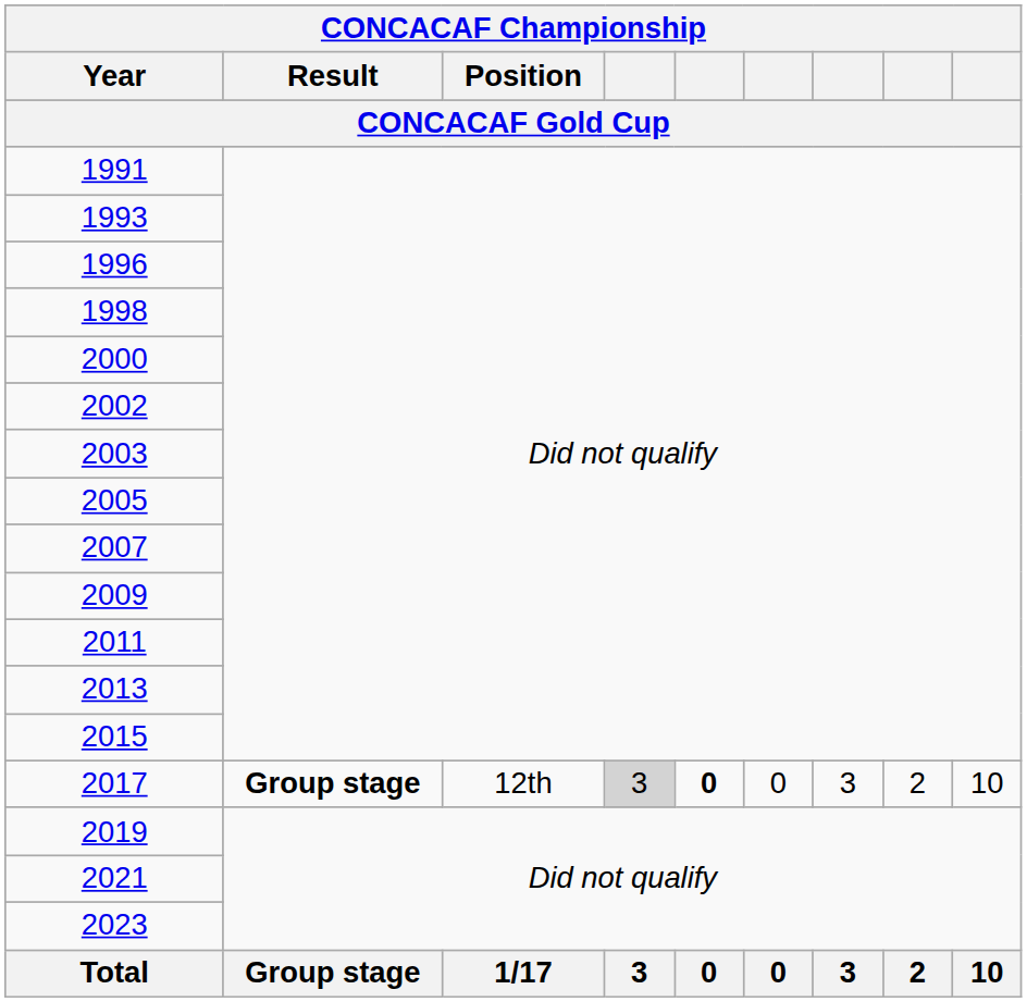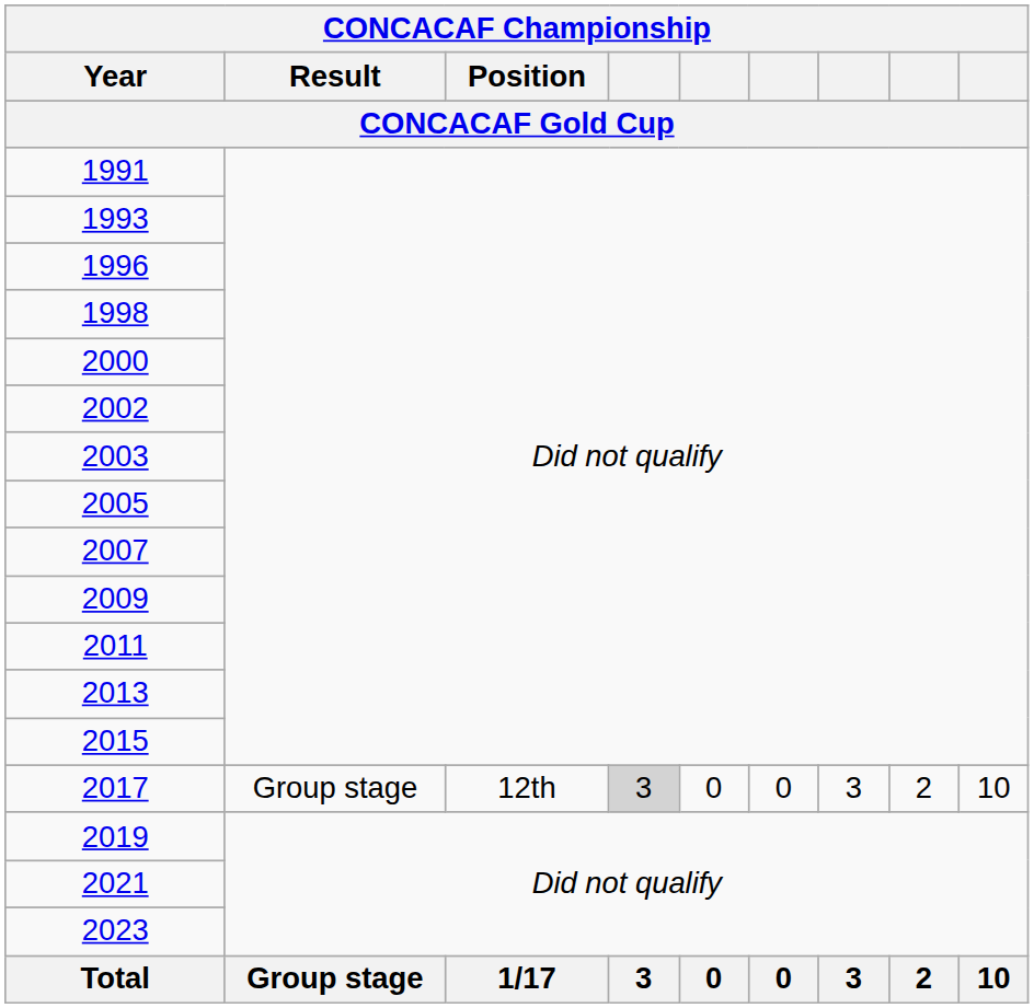 <table class="wikitable" style="text-align: center;">
 <tr>
 <th colspan=9><a href='#'>CONCACAF Championship</a></th>
 </tr>
 <tr>
 <th style="width:110px;">Year</th>
 <th style="width:110px;">Result</th>
 <th style="width:80px;">Position</th>
 <th style="width:30px;"></th>
 <th style="width:30px;"></th>
 <th style="width:30px;"></th>
 <th style="width:30px;"></th>
 <th style="width:30px;"></th>
 <th style="width:30px;"></th>
 </tr>
 <tr>
 <th colspan=9><a href='#'>CONCACAF Gold Cup</a></th>
 </tr>
 <tr>
 <td> <a href='#'>1991</a></td>
 <td rowspan=13 colspan=8><em>Did not qualify</em></td>
 </tr>
 <tr>
 <td> <a href='#'>1993</a></td>
 </tr>
 <tr>
 <td> <a href='#'>1996</a></td>
 </tr>
 <tr>
 <td> <a href='#'>1998</a></td>
 </tr>
 <tr>
 <td> <a href='#'>2000</a></td>
 </tr>
 <tr>
 <td> <a href='#'>2002</a></td>
 </tr>
 <tr>
 <td>  <a href='#'>2003</a></td>
 </tr>
 <tr>
 <td> <a href='#'>2005</a></td>
 </tr>
 <tr>
 <td> <a href='#'>2007</a></td>
 </tr>
 <tr>
 <td> <a href='#'>2009</a></td>
 </tr>
 <tr>
 <td> <a href='#'>2011</a></td>
 </tr>
 <tr>
 <td> <a href='#'>2013</a></td>
 </tr>
 <tr>
 <td>  <a href='#'>2015</a></td>
 </tr>
 <tr>
 <td> <a href='#'>2017</a></td>
-<td><strong>Group stage</strong></td>
+<td>Group stage</td>
 <td>12th</td>
 <td style="background: lightgrey;">3</td>
-<td><strong>0</strong></td>
+<td>0</td>
 <td>0</td>
 <td>3</td>
 <td>2</td>
 <td>10</td>
 </tr>
 <tr>
 <td>   <a href='#'>2019</a></td>
 <td rowspan=3 colspan=8><em>Did not qualify</em></td>
 </tr>
 <tr>
 <td> <a href='#'>2021</a></td>
 </tr>
 <tr>
 <td>  <a href='#'>2023</a></td>
 </tr>
 <tr>
 <th><strong>Total</strong></th>
 <th><strong>Group stage</strong></th>
 <th><strong>1/17</strong></th>
 <th><strong>3</strong></th>
 <th><strong>0</strong></th>
 <th><strong>0</strong></th>
 <th><strong>3</strong></th>
 <th><strong>2</strong></th>
 <th><strong>10</strong></th>
 </tr>
 </table>
